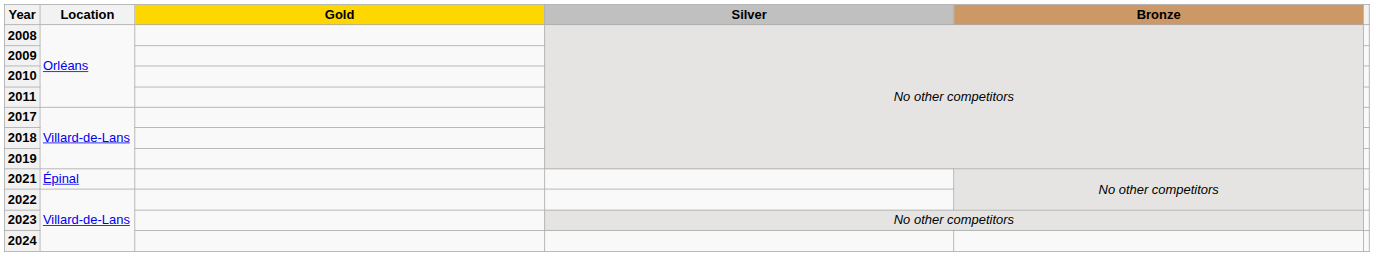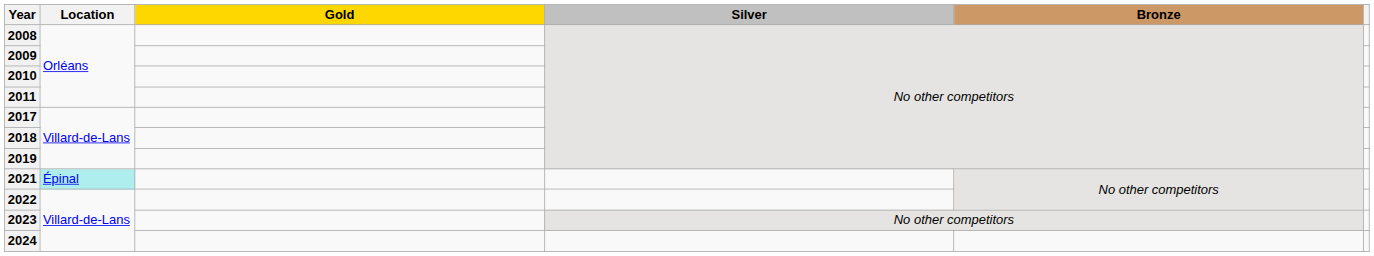 <table class="wikitable unsortable" style="text-align:left; width:85%">
 <tr>
 <th scope="col" style="text-align:center">Year</th>
 <th scope="col" style="text-align:center">Location</th>
 <td scope="col" style="text-align:center; width:30%; background:gold"><strong>Gold</strong></td>
 <td scope="col" style="text-align:center; width:30%; background:silver"><strong>Silver</strong></td>
 <td scope="col" style="text-align:center; width:30%; background:#c96"><strong>Bronze</strong></td>
 <th scope="col" style="text-align:center"></th>
 </tr>
 <tr>
 <th scope="row">2008</th>
 <td rowspan="4"><a href='#'>Orléans</a></td>
 <td></td>
 <td colspan="2" rowspan="7" align="center" bgcolor="e5e4e2"><em>No other competitors</em></td>
 <td></td>
 </tr>
 <tr>
 <th scope="row">2009</th>
 <td></td>
 <td></td>
 </tr>
 <tr>
 <th scope="row">2010</th>
 <td></td>
 <td></td>
 </tr>
 <tr>
 <th scope="row">2011</th>
 <td></td>
 <td></td>
 </tr>
 <tr>
 <th scope="row">2017</th>
 <td rowspan="3"><a href='#'>Villard-de-Lans</a></td>
 <td></td>
 <td></td>
 </tr>
 <tr>
 <th scope="row">2018</th>
 <td></td>
 <td></td>
 </tr>
 <tr>
 <th scope="row">2019</th>
 <td></td>
 <td></td>
 </tr>
 <tr>
 <th scope="row">2021</th>
-<td><a href='#'>Épinal</a></td>
+<td style="background: paleturquoise;"><a href='#'>Épinal</a></td>
 <td></td>
 <td></td>
 <td rowspan="2" align="center" bgcolor="e5e4e2"><em>No other competitors</em></td>
 <td></td>
 </tr>
 <tr>
 <th scope="row">2022</th>
 <td rowspan="3"><a href='#'>Villard-de-Lans</a></td>
 <td></td>
 <td></td>
 <td></td>
 </tr>
 <tr>
 <th scope="row">2023</th>
 <td></td>
 <td colspan=2 align="center" bgcolor="e5e4e2"><em>No other competitors</em></td>
 <td></td>
 </tr>
 <tr>
 <th scope="row">2024</th>
 <td></td>
 <td></td>
 <td></td>
 <td></td>
 </tr>
 </table>
